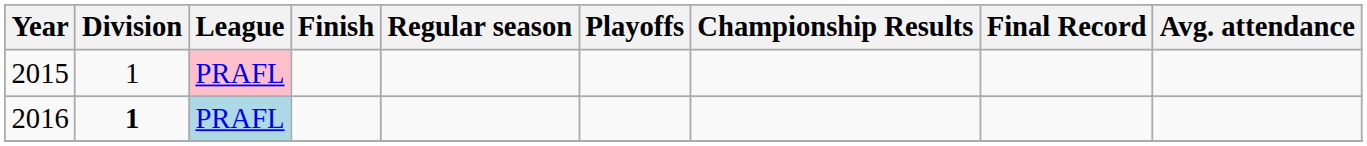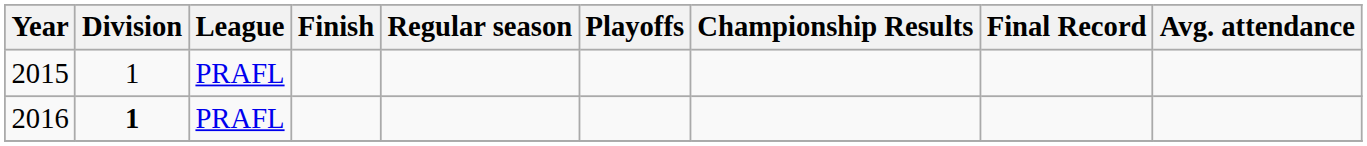 <table class="wikitable"  style="text-align: left;">
 <tr>
 <th>Year</th>
 <th>Division</th>
 <th>League</th>
 <th>Finish</th>
 <th>Regular season</th>
 <th>Playoffs</th>
 <th>Championship Results</th>
 <th>Final Record</th>
 <th>Avg. attendance</th>
 </tr>
 <tr>
 <td align=center>2015</td>
 <td align=center>1</td>
-<td align=center style="background: pink;"><a href='#'>PRAFL</a></td>
+<td align=center><a href='#'>PRAFL</a></td>
 <td align=center></td>
 <td align=center></td>
 <td align=center></td>
 <td></td>
 <td align=center></td>
 <td align=center></td>
 </tr>
 <tr>
 <td align=center>2016</td>
 <td align=center><strong>1</strong></td>
-<td align=center style="background: lightblue;"><a href='#'>PRAFL</a></td>
+<td align=center><a href='#'>PRAFL</a></td>
 <td align=center></td>
 <td align=center></td>
 <td align=center></td>
 <td></td>
 <td align=center></td>
 <td align=center></td>
 </tr>
 <tr>
 </tr>
 </table>
